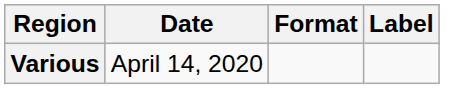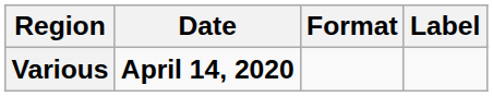 <table class="wikitable plainrowheaders">
 <tr>
 <th scope="col">Region</th>
 <th scope="col">Date</th>
 <th scope="col">Format</th>
 <th scope="col">Label</th>
 </tr>
 <tr>
 <th scope="row" rowspan="2">Various</th>
-<td>April 14, 2020</td>
+<td><strong>April 14, 2020</strong></td>
 <td rowspan="1"></td>
 <td></td>
 </tr>
 </table>
